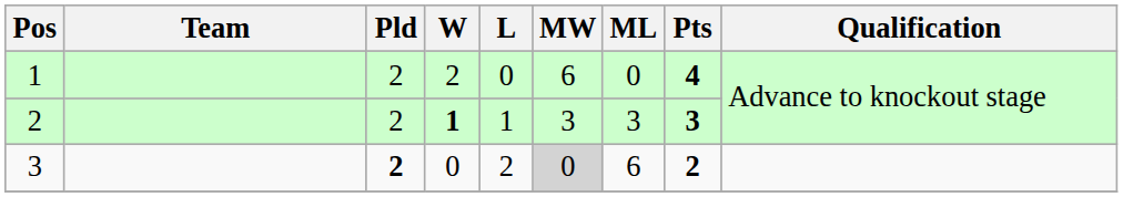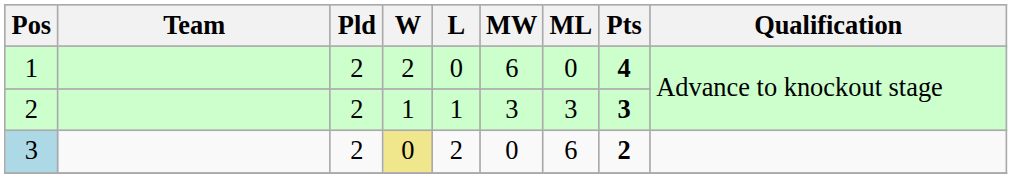 <table class="wikitable" style="text-align:center">
 <tr>
 <th width=25>Pos</th>
 <th width=200>Team</th>
 <th width=25>Pld</th>
 <th width=25>W</th>
 <th width=25>L</th>
 <th width=25>MW</th>
 <th width=25>ML</th>
 <th width=25>Pts</th>
 <th width=250>Qualification</th>
 </tr>
 <tr bgcolor=ccffcc>
 <td>1</td>
 <td style="text-align:left;"></td>
 <td>2</td>
 <td>2</td>
 <td>0</td>
 <td>6</td>
 <td>0</td>
 <td><strong>4</strong></td>
 <td rowspan=2 style="text-align:left;">Advance to knockout stage</td>
 </tr>
 <tr bgcolor=ccffcc>
 <td>2</td>
 <td style="text-align:left;"></td>
 <td>2</td>
-<td><strong>1</strong></td>
+<td>1</td>
 <td>1</td>
 <td>3</td>
 <td>3</td>
 <td><strong>3</strong></td>
 </tr>
 <tr>
-<td>3</td>
+<td style="background: lightblue;">3</td>
 <td style="text-align:left;"></td>
-<td><strong>2</strong></td>
+<td>2</td>
+<td style="background: khaki;">0</td>
+<td>2</td>
 <td>0</td>
-<td>2</td>
-<td style="background: lightgrey;">0</td>
 <td>6</td>
 <td><strong>2</strong></td>
 <td></td>
 </tr>
 <tr>
 </tr>
 </table>
